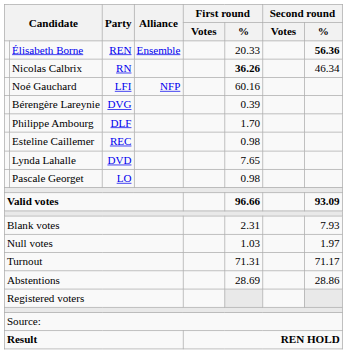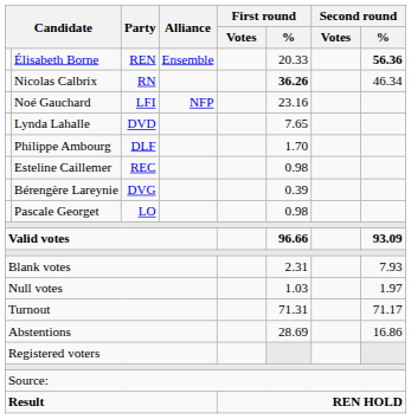 <table class="wikitable" style="text-align:right;font-size:95%;">
 <tr>
 <th colspan="2" rowspan="2">Candidate</th>
 <th colspan="1" rowspan="2">Party</th>
 <th colspan="1" rowspan="2">Alliance</th>
 <th colspan="2">First round</th>
 <th colspan="2">Second round</th>
 </tr>
 <tr>
 <th style="width:50px;">Votes</th>
 <th style="width:45px;">%</th>
 <th style="width:50px;">Votes</th>
 <th style="width:45px;">%</th>
 </tr>
 <tr>
 <td style="color:inherit;background:"></td>
 <td style="text-align:left;"><a href='#'>Élisabeth Borne</a></td>
 <td><a href='#'>REN</a></td>
 <td><a href='#'>Ensemble</a></td>
 <td></td>
 <td>20.33</td>
 <td><strong></strong></td>
 <td><strong>56.36</strong></td>
 </tr>
 <tr>
 <td style="color:inherit;background:"></td>
 <td style="text-align:left;">Nicolas Calbrix</td>
 <td><a href='#'>RN</a></td>
 <td></td>
 <td><strong></strong></td>
 <td><strong>36.26</strong></td>
 <td></td>
 <td>46.34</td>
 </tr>
 <tr>
 <td style="color:inherit;background:"></td>
 <td style="text-align:left;">Noé Gauchard</td>
 <td><a href='#'>LFI</a></td>
 <td><a href='#'>NFP</a></td>
 <td></td>
-<td>60.16</td>
+<td>23.16</td>
 <td></td>
 <td></td>
 </tr>
 <tr>
 <td style="color:inherit;background:"></td>
-<td style="text-align:left;">Bérengère Lareynie</td>
-<td><a href='#'>DVG</a></td>
+<td style="text-align:left;">Lynda Lahalle</td>
+<td><a href='#'>DVD</a></td>
 <td></td>
 <td></td>
-<td>0.39</td>
+<td>7.65</td>
 <td></td>
 <td></td>
 </tr>
 <tr>
 <td style="color:inherit;background:"></td>
 <td style="text-align:left;">Philippe Ambourg</td>
 <td><a href='#'>DLF</a></td>
 <td></td>
 <td></td>
 <td>1.70</td>
 <td></td>
 <td></td>
 </tr>
 <tr>
 <td style="color:inherit;background:"></td>
 <td style="text-align:left;">Esteline Caillemer</td>
 <td><a href='#'>REC</a></td>
 <td></td>
 <td></td>
 <td>0.98</td>
 <td></td>
 <td></td>
 </tr>
 <tr>
 <td style="color:inherit;background:"></td>
-<td style="text-align:left;">Lynda Lahalle</td>
-<td><a href='#'>DVD</a></td>
+<td style="text-align:left;">Bérengère Lareynie</td>
+<td><a href='#'>DVG</a></td>
 <td></td>
 <td></td>
-<td>7.65</td>
+<td>0.39</td>
 <td></td>
 <td></td>
 </tr>
 <tr>
 <td style="color:inherit;background:"></td>
 <td style="text-align:left;">Pascale Georget</td>
 <td><a href='#'>LO</a></td>
 <td></td>
 <td></td>
 <td>0.98</td>
 <td></td>
 <td></td>
 </tr>
 <tr>
 <td colspan="8" style="background:#E9E9E9;"></td>
 </tr>
 <tr style="font-weight:bold;">
 <td colspan="4" style="text-align:left;">Valid votes</td>
 <td></td>
 <td>96.66</td>
 <td></td>
 <td>93.09</td>
 </tr>
 <tr>
 <td colspan="8" style="background:#E9E9E9;"></td>
 </tr>
 <tr>
 <td colspan="4" style="text-align:left;">Blank votes</td>
 <td></td>
 <td>2.31</td>
 <td></td>
 <td>7.93</td>
 </tr>
 <tr>
 <td colspan="4" style="text-align:left;">Null votes</td>
 <td></td>
 <td>1.03</td>
 <td></td>
 <td>1.97</td>
 </tr>
 <tr>
 <td colspan="4" style="text-align:left;">Turnout</td>
 <td></td>
 <td>71.31</td>
 <td></td>
 <td>71.17</td>
 </tr>
 <tr>
 <td colspan="4" style="text-align:left;">Abstentions</td>
 <td></td>
 <td>28.69</td>
 <td></td>
-<td>28.86</td>
+<td>16.86</td>
 </tr>
 <tr>
 <td colspan="4" style="text-align:left;">Registered voters</td>
 <td></td>
 <td style="color:inherit;background:#E9E9E9;"></td>
 <td></td>
 <td style="color:inherit;background:#E9E9E9;"></td>
 </tr>
 <tr>
 <td colspan="8" style="background:#E9E9E9;"></td>
 </tr>
 <tr>
 <td colspan="8" style="text-align:left;">Source: </td>
 </tr>
 <tr style="font-weight:bold">
 <td colspan="4" style="text-align:left;">Result</td>
 <td colspan="4" style="background-color:">REN HOLD</td>
 </tr>
 </table>
